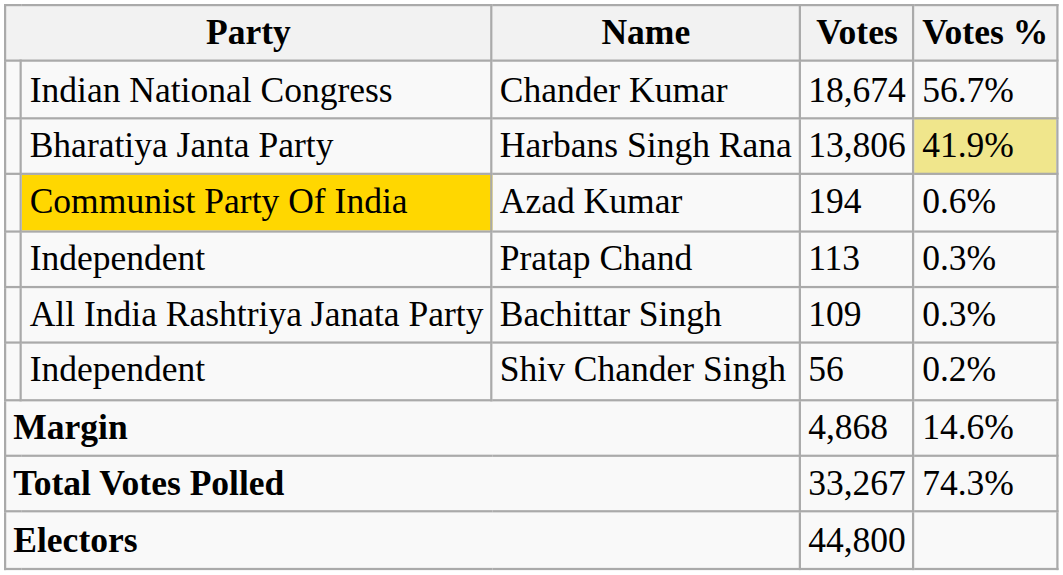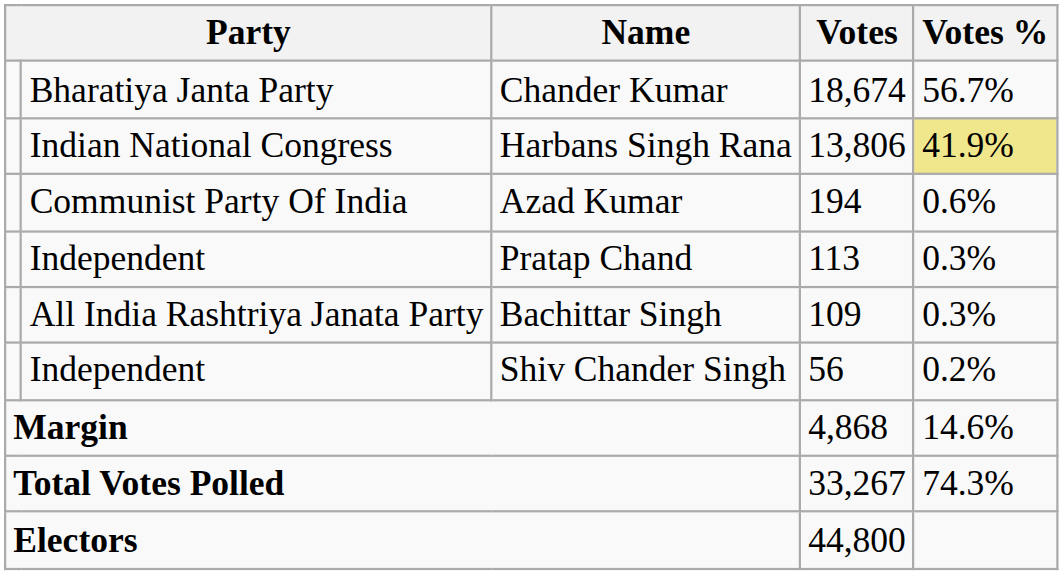 <table class="wikitable sortable">
 <tr>
 <th colspan="2" rowspan="1">Party</th>
 <th colspan="1" rowspan="1">Name</th>
 <th colspan="1" rowspan="1">Votes</th>
 <th colspan="1" rowspan="1">Votes %</th>
 </tr>
 <tr>
 <td></td>
-<td>Indian National Congress</td>
+<td>Bharatiya Janta Party</td>
 <td>Chander Kumar</td>
 <td>18,674</td>
 <td>56.7%</td>
 </tr>
 <tr>
 <td></td>
-<td>Bharatiya Janta Party</td>
+<td>Indian National Congress</td>
 <td>Harbans Singh Rana</td>
 <td>13,806</td>
 <td style="background: khaki;">41.9%</td>
 </tr>
 <tr>
 <td></td>
-<td style="background: gold;">Communist Party Of India</td>
+<td>Communist Party Of India</td>
 <td>Azad Kumar</td>
 <td>194</td>
 <td>0.6%</td>
 </tr>
 <tr>
 <td></td>
 <td>Independent</td>
 <td>Pratap Chand</td>
 <td>113</td>
 <td>0.3%</td>
 </tr>
 <tr>
 <td></td>
 <td>All India Rashtriya Janata Party</td>
 <td>Bachittar Singh</td>
 <td>109</td>
 <td>0.3%</td>
 </tr>
 <tr>
 <td></td>
 <td>Independent</td>
 <td>Shiv Chander Singh</td>
 <td>56</td>
 <td>0.2%</td>
 </tr>
 <tr>
 <td colspan="3"><strong>Margin</strong></td>
 <td>4,868</td>
 <td>14.6%</td>
 </tr>
 <tr>
 <td colspan="3"><strong>Total Votes Polled</strong></td>
 <td>33,267</td>
 <td>74.3%</td>
 </tr>
 <tr>
 <td colspan="3"><strong>Electors</strong></td>
 <td>44,800</td>
 <td></td>
 </tr>
 </table>
